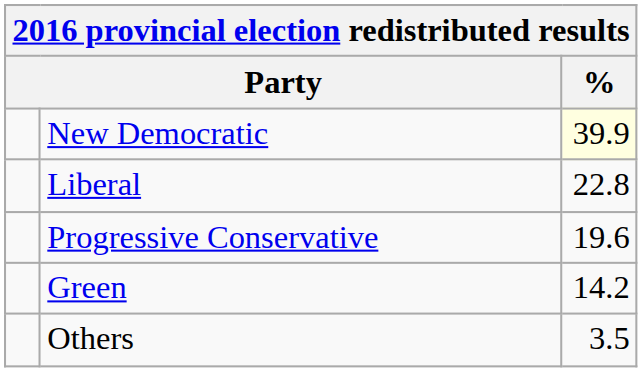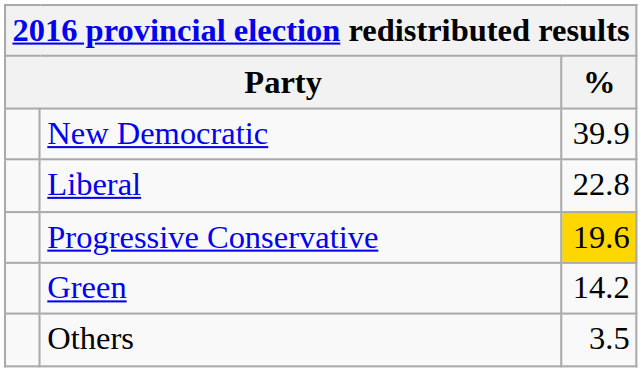 <table class="wikitable">
 <tr>
 <th colspan="4"><a href='#'>2016 provincial election</a> redistributed results</th>
 </tr>
 <tr>
 <th bgcolor="#DDDDFF" width="130px" colspan="2">Party</th>
 <th bgcolor="#DDDDFF" width="30px">%</th>
 </tr>
 <tr>
 <td> </td>
 <td><a href='#'>New Democratic</a></td>
-<td align=right style="background: lightyellow;">39.9</td>
+<td align=right>39.9</td>
 </tr>
 <tr>
 <td> </td>
 <td><a href='#'>Liberal</a></td>
 <td align=right>22.8</td>
 </tr>
 <tr>
 <td> </td>
 <td><a href='#'>Progressive Conservative</a></td>
-<td align=right>19.6</td>
+<td align=right style="background: gold;">19.6</td>
 </tr>
 <tr>
 <td> </td>
 <td><a href='#'>Green</a></td>
 <td align=right>14.2</td>
 </tr>
 <tr>
 <td> </td>
 <td>Others</td>
 <td align=right>3.5</td>
 </tr>
 </table>
